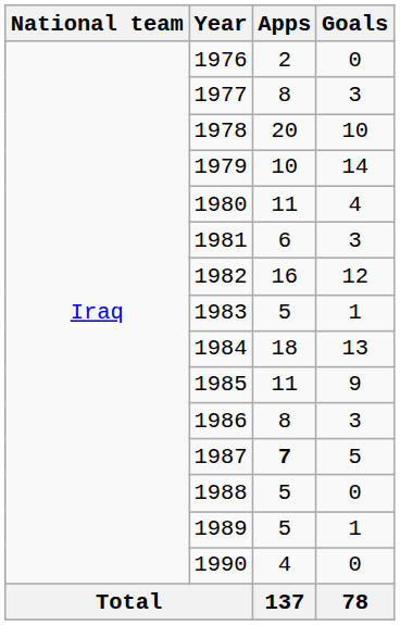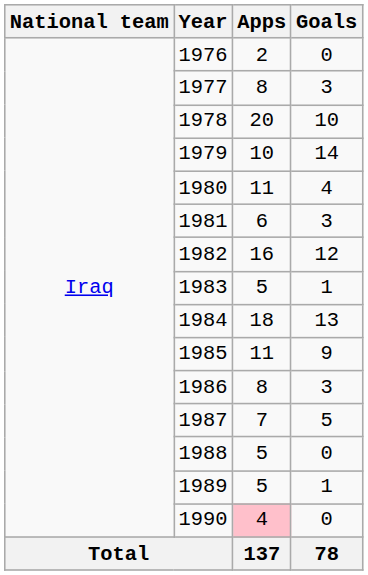 <table class="wikitable" style="text-align:center">
 <tr>
 <th>National team</th>
 <th>Year</th>
 <th>Apps</th>
 <th>Goals</th>
 </tr>
 <tr>
 <td rowspan="15"><a href='#'>Iraq</a></td>
 <td>1976</td>
 <td>2</td>
 <td>0</td>
 </tr>
 <tr>
 <td>1977</td>
 <td>8</td>
 <td>3</td>
 </tr>
 <tr>
 <td>1978</td>
 <td>20</td>
 <td>10</td>
 </tr>
 <tr>
 <td>1979</td>
 <td>10</td>
 <td>14</td>
 </tr>
 <tr>
 <td>1980</td>
 <td>11</td>
 <td>4</td>
 </tr>
 <tr>
 <td>1981</td>
 <td>6</td>
 <td>3</td>
 </tr>
 <tr>
 <td>1982</td>
 <td>16</td>
 <td>12</td>
 </tr>
 <tr>
 <td>1983</td>
 <td>5</td>
 <td>1</td>
 </tr>
 <tr>
 <td>1984</td>
 <td>18</td>
 <td>13</td>
 </tr>
 <tr>
 <td>1985</td>
 <td>11</td>
 <td>9</td>
 </tr>
 <tr>
 <td>1986</td>
 <td>8</td>
 <td>3</td>
 </tr>
 <tr>
 <td>1987</td>
-<td><strong>7</strong></td>
+<td>7</td>
 <td>5</td>
 </tr>
 <tr>
 <td>1988</td>
 <td>5</td>
 <td>0</td>
 </tr>
 <tr>
 <td>1989</td>
 <td>5</td>
 <td>1</td>
 </tr>
 <tr>
 <td>1990</td>
-<td>4</td>
+<td style="background: pink;">4</td>
 <td>0</td>
 </tr>
 <tr>
 <th colspan="2">Total</th>
 <th>137</th>
 <th>78</th>
 </tr>
 </table>
